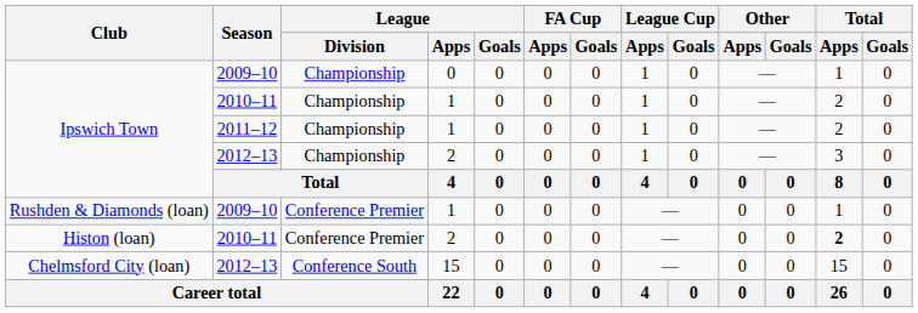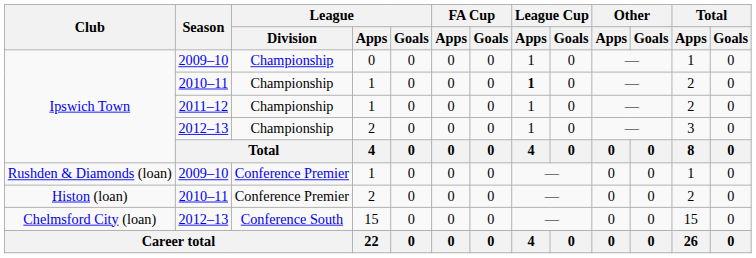 <table class=wikitable style="text-align:center;">
 <tr>
 <th rowspan="2">Club</th>
 <th rowspan="2">Season</th>
 <th colspan="3">League</th>
 <th colspan="2">FA Cup</th>
 <th colspan="2">League Cup</th>
 <th colspan="2">Other</th>
 <th colspan="2">Total</th>
 </tr>
 <tr>
 <th>Division</th>
 <th>Apps</th>
 <th>Goals</th>
 <th>Apps</th>
 <th>Goals</th>
 <th>Apps</th>
 <th>Goals</th>
 <th>Apps</th>
 <th>Goals</th>
 <th>Apps</th>
 <th>Goals</th>
 </tr>
 <tr>
 <td rowspan=5><a href='#'>Ipswich Town</a></td>
 <td><a href='#'>2009–10</a></td>
 <td><a href='#'>Championship</a></td>
 <td>0</td>
 <td>0</td>
 <td>0</td>
 <td>0</td>
 <td>1</td>
 <td>0</td>
 <td colspan="2">—</td>
 <td>1</td>
 <td>0</td>
 </tr>
 <tr>
 <td><a href='#'>2010–11</a></td>
 <td>Championship</td>
 <td>1</td>
 <td>0</td>
 <td>0</td>
 <td>0</td>
-<td>1</td>
+<td><strong>1</strong></td>
 <td>0</td>
 <td colspan="2">—</td>
 <td>2</td>
 <td>0</td>
 </tr>
 <tr>
 <td><a href='#'>2011–12</a></td>
 <td>Championship</td>
 <td>1</td>
 <td>0</td>
 <td>0</td>
 <td>0</td>
 <td>1</td>
 <td>0</td>
 <td colspan="2">—</td>
 <td>2</td>
 <td>0</td>
 </tr>
 <tr>
 <td><a href='#'>2012–13</a></td>
 <td>Championship</td>
 <td>2</td>
 <td>0</td>
 <td>0</td>
 <td>0</td>
 <td>1</td>
 <td>0</td>
 <td colspan="2">—</td>
 <td>3</td>
 <td>0</td>
 </tr>
 <tr>
 <th colspan=2>Total</th>
 <th>4</th>
 <th>0</th>
 <th>0</th>
 <th>0</th>
 <th>4</th>
 <th>0</th>
 <th>0</th>
 <th>0</th>
 <th>8</th>
 <th>0</th>
 </tr>
 <tr>
 <td><a href='#'>Rushden & Diamonds</a> (loan)</td>
 <td><a href='#'>2009–10</a></td>
 <td><a href='#'>Conference Premier</a></td>
 <td>1</td>
 <td>0</td>
 <td>0</td>
 <td>0</td>
 <td colspan="2">—</td>
 <td>0</td>
 <td>0</td>
 <td>1</td>
 <td>0</td>
 </tr>
 <tr>
 <td><a href='#'>Histon</a> (loan)</td>
 <td><a href='#'>2010–11</a></td>
 <td>Conference Premier</td>
 <td>2</td>
 <td>0</td>
 <td>0</td>
 <td>0</td>
 <td colspan="2">—</td>
 <td>0</td>
 <td>0</td>
-<td><strong>2</strong></td>
+<td>2</td>
 <td>0</td>
 </tr>
 <tr>
 <td><a href='#'>Chelmsford City</a> (loan)</td>
 <td><a href='#'>2012–13</a></td>
 <td><a href='#'>Conference South</a></td>
 <td>15</td>
 <td>0</td>
 <td>0</td>
 <td>0</td>
 <td colspan="2">—</td>
 <td>0</td>
 <td>0</td>
 <td>15</td>
 <td>0</td>
 </tr>
 <tr>
 <th colspan="3">Career total</th>
 <th>22</th>
 <th>0</th>
 <th>0</th>
 <th>0</th>
 <th>4</th>
 <th>0</th>
 <th>0</th>
 <th>0</th>
 <th>26</th>
 <th>0</th>
 </tr>
 </table>
